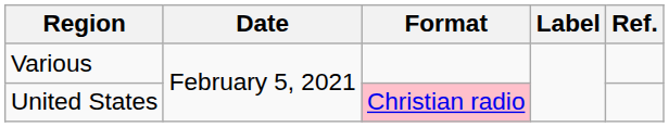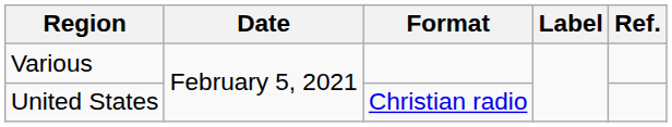 <table class="wikitable plainrowheaders">
 <tr>
 <th scope="col">Region</th>
 <th scope="col">Date</th>
 <th scope="col">Format</th>
 <th scope="col">Label</th>
 <th scope="col">Ref.</th>
 </tr>
 <tr>
 <td>Various</td>
 <td rowspan="2">February 5, 2021</td>
 <td></td>
 <td rowspan="2"></td>
 <td></td>
 </tr>
 <tr>
 <td>United States</td>
-<td style="background: pink;"><a href='#'>Christian radio</a></td>
+<td><a href='#'>Christian radio</a></td>
 <td></td>
 </tr>
 </table>
